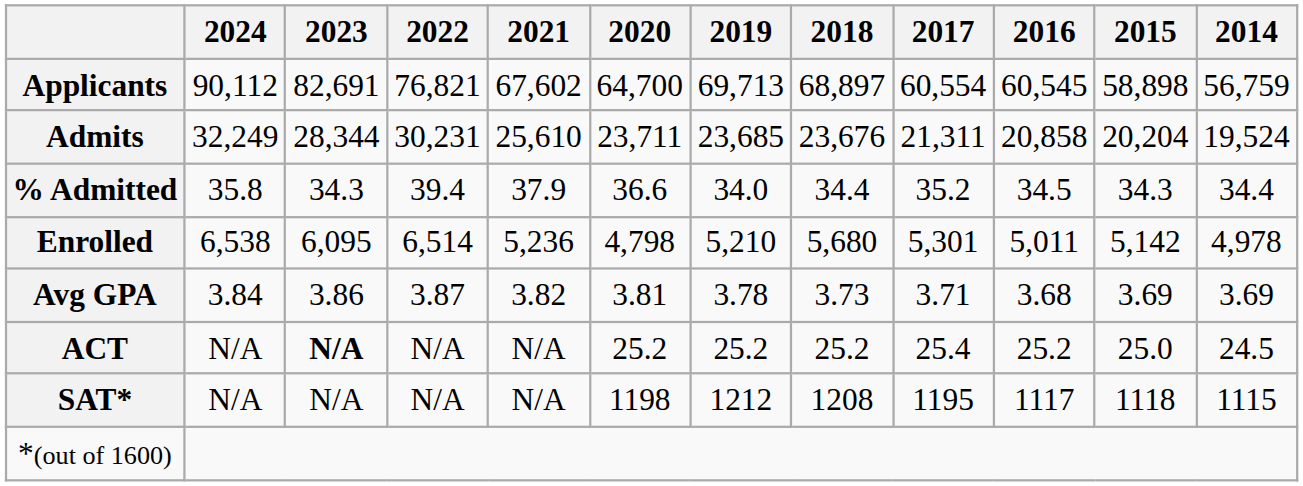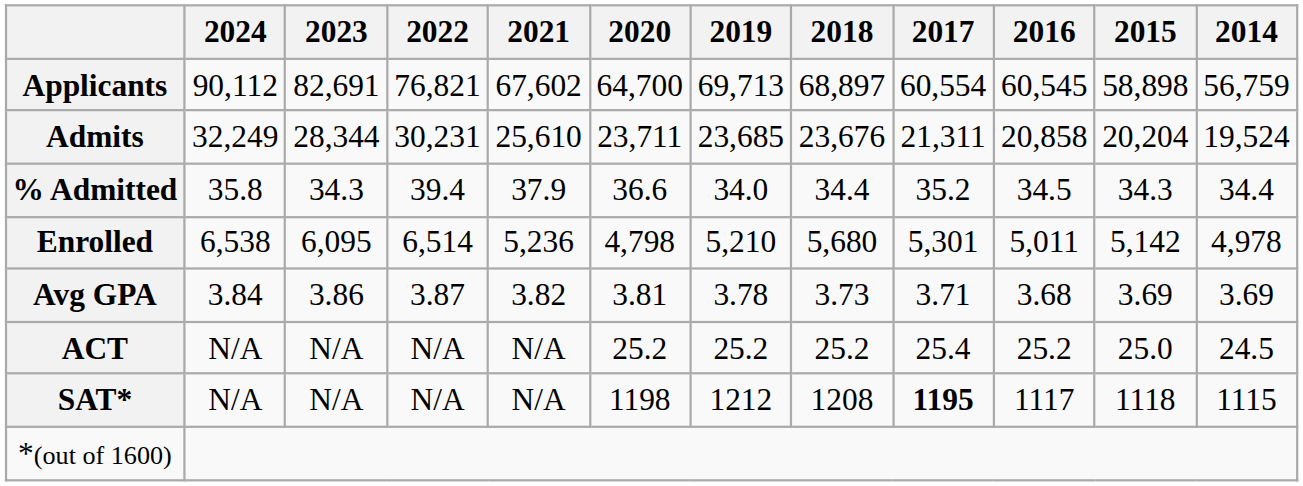 <table class="wikitable" style="font-size:88%; text-align:center; float:right; clear:right; margin-left:1em">
 <tr>
 <th> </th>
 <th>2024</th>
 <th>2023</th>
 <th>2022</th>
 <th>2021</th>
 <th>2020</th>
 <th>2019</th>
 <th>2018</th>
 <th>2017</th>
 <th>2016</th>
 <th>2015</th>
 <th>2014</th>
 </tr>
 <tr>
 <th>Applicants</th>
 <td>90,112</td>
 <td>82,691</td>
 <td>76,821</td>
 <td>67,602</td>
 <td>64,700</td>
 <td>69,713</td>
 <td>68,897</td>
 <td>60,554</td>
 <td>60,545</td>
 <td>58,898</td>
 <td>56,759</td>
 </tr>
 <tr>
 <th>Admits</th>
 <td>32,249</td>
 <td>28,344</td>
 <td>30,231</td>
 <td>25,610</td>
 <td>23,711</td>
 <td>23,685</td>
 <td>23,676</td>
 <td>21,311</td>
 <td>20,858</td>
 <td>20,204</td>
 <td>19,524</td>
 </tr>
 <tr>
 <th>% Admitted</th>
 <td>35.8</td>
 <td>34.3</td>
 <td>39.4</td>
 <td>37.9</td>
 <td>36.6</td>
 <td>34.0</td>
 <td>34.4</td>
 <td>35.2</td>
 <td>34.5</td>
 <td>34.3</td>
 <td>34.4</td>
 </tr>
 <tr>
 <th>Enrolled</th>
 <td>6,538</td>
 <td>6,095</td>
 <td>6,514</td>
 <td>5,236</td>
 <td>4,798</td>
 <td>5,210</td>
 <td>5,680</td>
 <td>5,301</td>
 <td>5,011</td>
 <td>5,142</td>
 <td>4,978</td>
 </tr>
 <tr>
 <th>Avg GPA</th>
 <td>3.84</td>
 <td>3.86</td>
 <td>3.87</td>
 <td>3.82</td>
 <td>3.81</td>
 <td>3.78</td>
 <td>3.73</td>
 <td>3.71</td>
 <td>3.68</td>
 <td>3.69</td>
 <td>3.69</td>
 </tr>
 <tr>
 <th>ACT</th>
 <td>N/A</td>
-<td><strong>N/A</strong></td>
+<td>N/A</td>
 <td>N/A</td>
 <td>N/A</td>
 <td>25.2</td>
 <td>25.2</td>
 <td>25.2</td>
 <td>25.4</td>
 <td>25.2</td>
 <td>25.0</td>
 <td>24.5</td>
 </tr>
 <tr>
 <th>SAT*</th>
 <td>N/A</td>
 <td>N/A</td>
 <td>N/A</td>
 <td>N/A</td>
 <td>1198</td>
 <td>1212</td>
 <td>1208</td>
-<td>1195</td>
+<td><strong>1195</strong></td>
 <td>1117</td>
 <td>1118</td>
 <td>1115</td>
 </tr>
 <tr>
 <td>*<small>(out of 1600)</small></td>
 </tr>
 </table>
